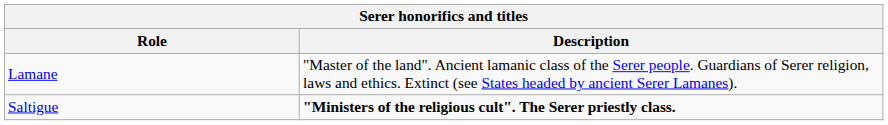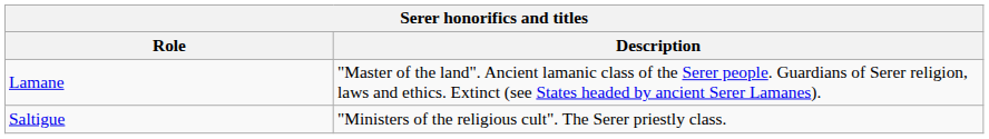 <table class="wikitable">
 <tr>
 <th style="text-align:center;" colspan="6"><strong>Serer honorifics and titles</strong></th>
 </tr>
 <tr>
 <th scope="col" style="width:300px;">Role</th>
 <th scope="col" style="width:600px;">Description</th>
 </tr>
 <tr>
 <td><a href='#'>Lamane</a></td>
 <td>"Master of the land". Ancient lamanic class of the <a href='#'>Serer people</a>. Guardians of Serer religion, laws and ethics. Extinct (see <a href='#'>States headed by ancient Serer Lamanes</a>).</td>
 </tr>
 <tr>
 <td><a href='#'>Saltigue</a></td>
-<td><strong>"Ministers of the religious cult". The Serer priestly class.</strong></td>
+<td>"Ministers of the religious cult". The Serer priestly class.</td>
 </tr>
 </table>
